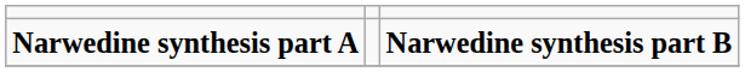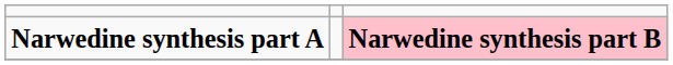 <table align="center"  class="wikitable">
 <tr>
 <td></td>
 <td></td>
 <td></td>
 </tr>
 <tr>
 <td><strong>Narwedine synthesis part A</strong></td>
 <td></td>
-<td><strong>Narwedine synthesis part B</strong></td>
+<td style="background: pink;"><strong>Narwedine synthesis part B</strong></td>
 </tr>
 <tr>
 </tr>
 </table>
